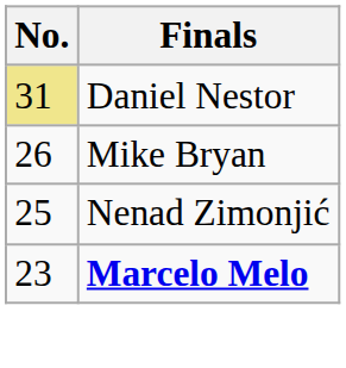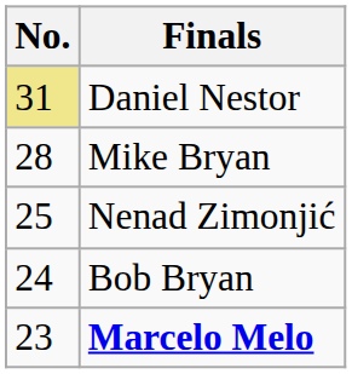 <table class="wikitable" style="display: inline-table;">
 <tr>
 <th width=20>No.</th>
 <th>Finals</th>
 </tr>
 <tr>
 <td style="background: khaki;">31</td>
 <td> Daniel Nestor</td>
 </tr>
 <tr>
-<td>26</td>
+<td>28</td>
 <td> Mike Bryan</td>
 </tr>
 <tr>
 <td>25</td>
 <td> Nenad Zimonjić</td>
 </tr>
 <tr>
+<td>24</td>
+<td> Bob Bryan</td>
+</tr>
+<tr>
 <td>23</td>
 <td> <strong><a href='#'>Marcelo Melo</a></strong></td>
 </tr>
 </table>
